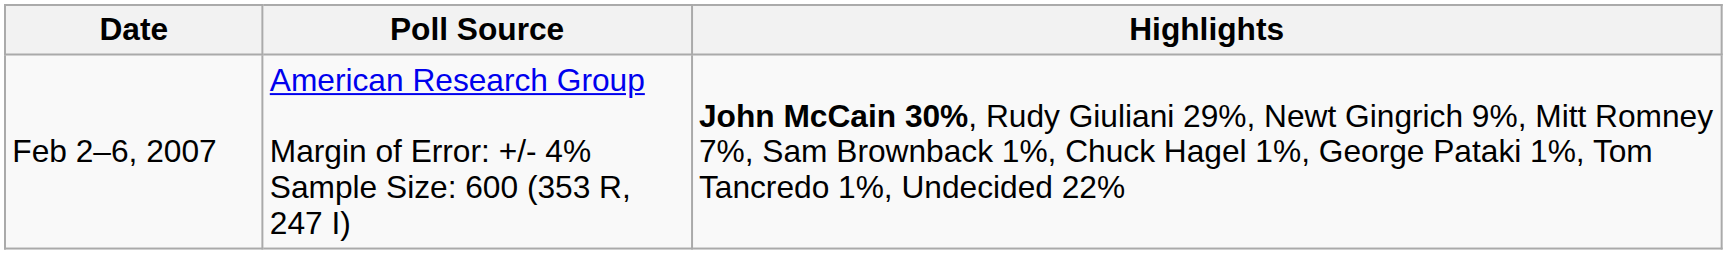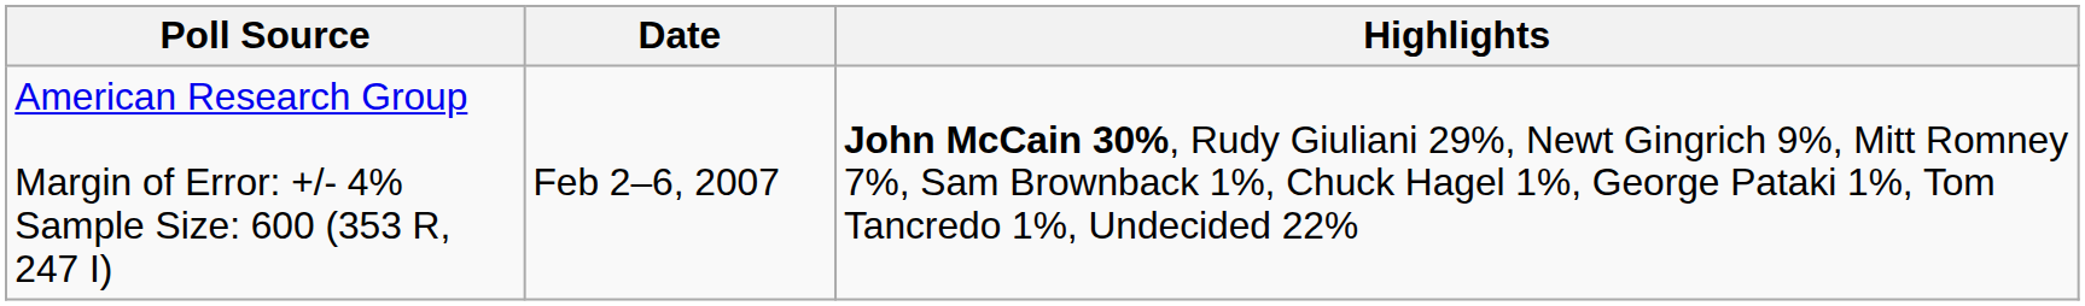 <table class="wikitable sortable">
 <tr>
+<th width="25%">Poll Source</th>
 <th width="15%">Date</th>
-<th width="25%">Poll Source</th>
 <th width="60%">Highlights</th>
 </tr>
 <tr>
+<td><a href='#'>American Research Group</a><br><br>Margin of Error: +/- 4%<br>Sample Size: 600 (353 R, 247 I)</td>
 <td>Feb 2–6, 2007</td>
-<td><a href='#'>American Research Group</a><br><br>Margin of Error: +/- 4%<br>Sample Size: 600 (353 R, 247 I)</td>
 <td><strong>John McCain 30%</strong>, Rudy Giuliani 29%, Newt Gingrich 9%,  Mitt Romney 7%, Sam Brownback 1%, Chuck Hagel 1%, George Pataki 1%, Tom Tancredo 1%, Undecided 22%</td>
 </tr>
 </table>
